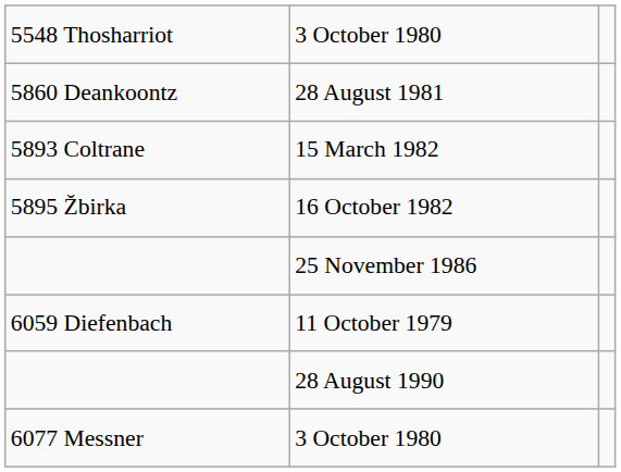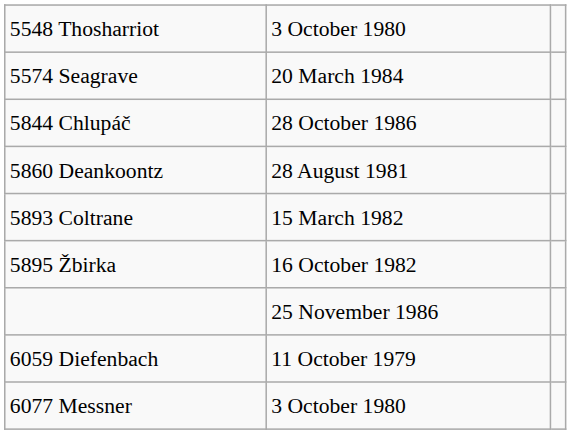 <table class="wikitable" style="font-size: 89%; float: left; width: 26em; margin-right: 1em; height: 280px;">
 <tr>
 <td>5548 Thosharriot</td>
 <td>3 October 1980</td>
+<td></td>
+</tr>
+<tr>
+<td>5574 Seagrave</td>
+<td>20 March 1984</td>
+<td></td>
+</tr>
+<tr>
+<td>5844 Chlupáč</td>
+<td>28 October 1986</td>
 <td></td>
 </tr>
 <tr>
 <td>5860 Deankoontz</td>
 <td>28 August 1981</td>
 <td></td>
 </tr>
 <tr>
 <td>5893 Coltrane</td>
 <td>15 March 1982</td>
 <td></td>
 </tr>
 <tr>
 <td>5895 Žbirka</td>
 <td>16 October 1982</td>
 <td></td>
 </tr>
 <tr>
 <td></td>
 <td>25 November 1986</td>
 <td></td>
 </tr>
 <tr>
 <td>6059 Diefenbach</td>
 <td>11 October 1979</td>
 <td></td>
 </tr>
 <tr>
-<td></td>
-<td>28 August 1990</td>
-<td></td>
-</tr>
-<tr>
 <td>6077 Messner</td>
 <td>3 October 1980</td>
 <td></td>
 </tr>
 </table>
